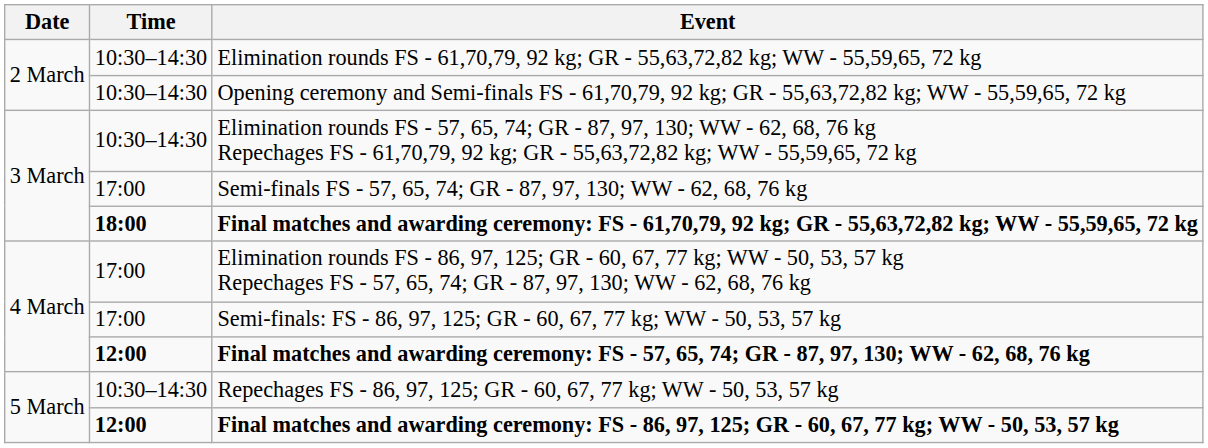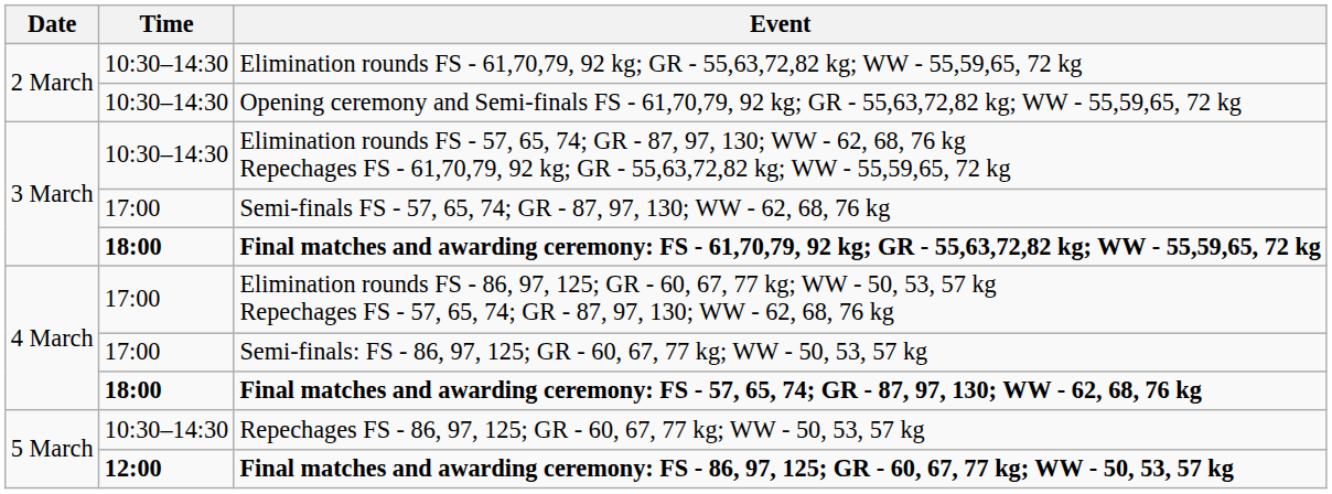 <table class=wikitable>
 <tr>
 <th>Date</th>
 <th>Time</th>
 <th>Event</th>
 </tr>
 <tr>
 <td rowspan="2">2 March</td>
 <td>10:30–14:30</td>
 <td>Elimination rounds FS - 61,70,79, 92 kg; GR - 55,63,72,82 kg; WW - 55,59,65, 72 kg</td>
 </tr>
 <tr>
 <td>10:30–14:30</td>
 <td>Opening ceremony and Semi-finals FS - 61,70,79, 92 kg; GR - 55,63,72,82 kg; WW - 55,59,65, 72 kg</td>
 </tr>
 <tr>
 <td rowspan="3">3 March</td>
 <td>10:30–14:30</td>
 <td>Elimination rounds FS - 57, 65, 74; GR - 87, 97, 130; WW - 62, 68, 76 kg<br>Repechages FS - 61,70,79, 92 kg; GR - 55,63,72,82 kg; WW - 55,59,65, 72 kg</td>
 </tr>
 <tr>
 <td>17:00</td>
 <td>Semi-finals FS - 57, 65, 74; GR - 87, 97, 130; WW - 62, 68, 76 kg</td>
 </tr>
 <tr>
 <td><strong>18:00</strong></td>
 <td><strong>Final matches and awarding ceremony:  FS - 61,70,79, 92 kg; GR - 55,63,72,82 kg; WW - 55,59,65, 72 kg</strong></td>
 </tr>
 <tr>
 <td rowspan="3">4 March</td>
 <td>17:00</td>
 <td>Elimination rounds FS - 86, 97, 125; GR - 60, 67, 77 kg; WW - 50, 53, 57 kg<br>Repechages FS - 57, 65, 74; GR - 87, 97, 130; WW - 62, 68, 76 kg</td>
 </tr>
 <tr>
 <td>17:00</td>
 <td>Semi-finals: FS - 86, 97, 125; GR - 60, 67, 77 kg; WW - 50, 53, 57 kg</td>
 </tr>
 <tr>
-<td><strong>12:00</strong></td>
+<td><strong>18:00</strong></td>
 <td><strong>Final matches and awarding ceremony:  FS - 57, 65, 74; GR - 87, 97, 130; WW - 62, 68, 76 kg</strong></td>
 </tr>
 <tr>
 <td rowspan="2">5 March</td>
 <td>10:30–14:30</td>
 <td>Repechages FS - 86, 97, 125; GR - 60, 67, 77 kg; WW - 50, 53, 57 kg</td>
 </tr>
 <tr>
 <td><strong>12:00</strong></td>
 <td><strong>Final matches and awarding ceremony:  FS - 86, 97, 125; GR - 60, 67, 77 kg; WW - 50, 53, 57 kg</strong></td>
 </tr>
 </table>
